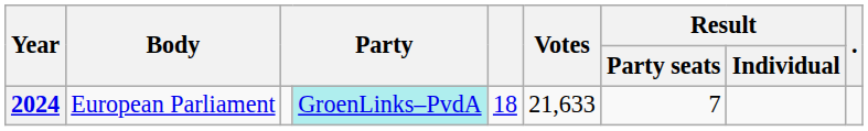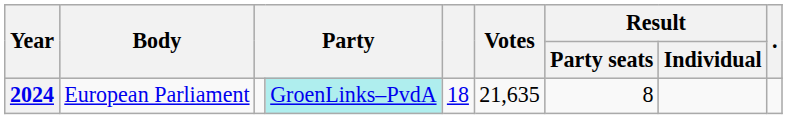 <table class="wikitable plainrowheaders sortable" border=2 cellpadding=4 cellspacing=0 style="border: 1px #aaa solid; font-size: 90%; text-align:center;">
 <tr>
 <th scope="col" rowspan=2>Year</th>
 <th scope="col" rowspan=2>Body</th>
 <th scope="col" colspan=2 rowspan=2>Party</th>
 <th scope="col" rowspan=2></th>
 <th scope="col" rowspan=2>Votes</th>
 <th scope="colgroup" colspan=2>Result</th>
 <th scope="col" rowspan=2>.</th>
 </tr>
 <tr>
 <th scope="col">Party seats</th>
 <th scope="col">Individual</th>
 </tr>
 <tr>
 <th scope="row"><a href='#'>2024</a></th>
 <td><a href='#'>European Parliament</a></td>
 <td style="background-color:"></td>
 <td style="background: paleturquoise;"><a href='#'>GroenLinks–PvdA</a></td>
 <td style=text-align:right><a href='#'>18</a></td>
-<td style=text-align:right>21,633</td>
-<td style=text-align:right>7</td>
+<td style=text-align:right>21,635</td>
+<td style=text-align:right>8</td>
 <td></td>
 <td></td>
 </tr>
 </table>
